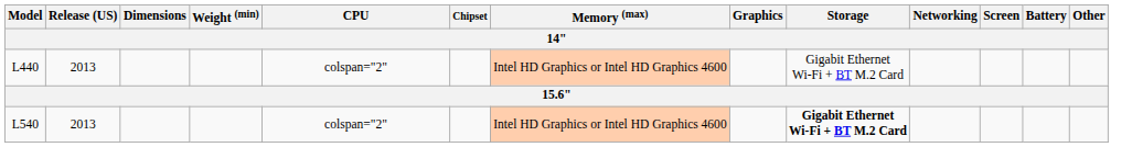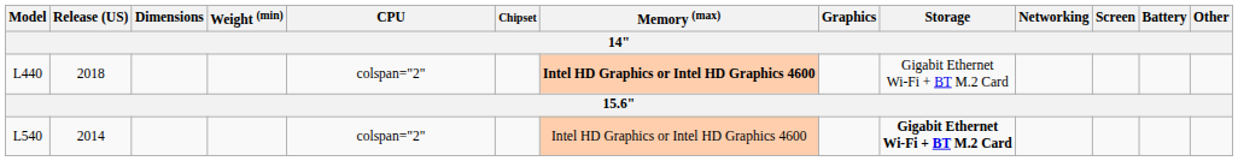 <table class="wikitable" style="font-size: 80%; text-align: center; min-width: 80%;">
 <tr>
 <th>Model</th>
 <th>Release (US)</th>
 <th>Dimensions</th>
 <th>Weight <sup>(min)</sup></th>
 <th style="width:17%">CPU</th>
 <th><small>Chipset</small></th>
 <th>Memory <sup>(max)</sup></th>
 <th>Graphics</th>
 <th>Storage</th>
 <th>Networking</th>
 <th>Screen</th>
 <th>Battery</th>
 <th>Other</th>
 </tr>
 <tr>
 <th colspan=13>14"</th>
 </tr>
 <tr>
 <td>L440</td>
-<td>2013</td>
+<td>2018</td>
 <td></td>
 <td></td>
 <td>colspan="2" </td>
 <td></td>
-<td style="background:#ffcead;">Intel HD Graphics or Intel HD Graphics 4600</td>
+<td style="background:#ffcead;"><strong>Intel HD Graphics or Intel HD Graphics 4600</strong></td>
 <td></td>
 <td>Gigabit Ethernet<br>Wi-Fi + <a href='#'>BT</a> M.2 Card<br><small></small></td>
 <td></td>
 <td></td>
 <td></td>
 </tr>
 <tr>
 <th colspan=13>15.6"</th>
 </tr>
 <tr>
 <td>L540</td>
-<td>2013</td>
+<td>2014</td>
 <td></td>
 <td></td>
 <td>colspan="2" </td>
 <td></td>
 <td style="background:#ffcead;">Intel HD Graphics or Intel HD Graphics 4600</td>
 <td></td>
 <td><strong>Gigabit Ethernet<br>Wi-Fi + <a href='#'>BT</a> M.2 Card<br><small></small></strong></td>
 <td></td>
 <td></td>
 <td></td>
 </tr>
 </table>
